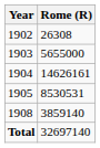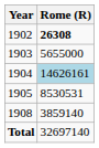 <table class="wikitable sortable">
 <tr>
 <th>Year</th>
 <th>Rome (R)</th>
 </tr>
 <tr>
 <td>1902</td>
-<td>26308</td>
+<td><strong>26308</strong></td>
 </tr>
 <tr>
 <td>1903</td>
 <td>5655000</td>
 </tr>
 <tr>
 <td>1904</td>
-<td>14626161</td>
+<td style="background: lightblue;">14626161</td>
 </tr>
 <tr>
 <td>1905</td>
 <td>8530531</td>
 </tr>
 <tr>
 <td>1908</td>
 <td>3859140</td>
 </tr>
 <tr>
 <td><strong>Total</strong></td>
 <td>32697140<strong></strong></td>
 </tr>
 </table>
